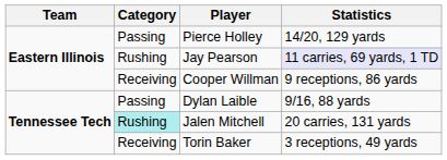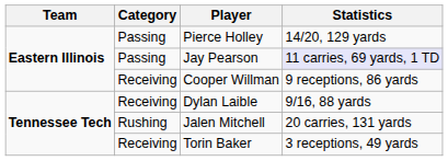 <table class="wikitable" style="float: right;">
 <tr>
 <th>Team</th>
 <th>Category</th>
 <th>Player</th>
 <th>Statistics</th>
 </tr>
 <tr>
 <td rowspan=3><strong>Eastern Illinois</strong></td>
 <td>Passing</td>
 <td>Pierce Holley</td>
 <td>14/20, 129 yards</td>
 </tr>
 <tr>
-<td>Rushing</td>
+<td>Passing</td>
 <td>Jay Pearson</td>
 <td style="background: lavender;">11 carries, 69 yards, 1 TD</td>
 </tr>
 <tr>
 <td>Receiving</td>
 <td>Cooper Willman</td>
 <td>9 receptions, 86 yards</td>
 </tr>
 <tr>
 <td rowspan=3><strong>Tennessee Tech</strong></td>
-<td>Passing</td>
+<td>Receiving</td>
 <td>Dylan Laible</td>
 <td>9/16, 88 yards</td>
 </tr>
 <tr>
-<td style="background: paleturquoise;">Rushing</td>
+<td>Rushing</td>
 <td>Jalen Mitchell</td>
 <td>20 carries, 131 yards</td>
 </tr>
 <tr>
 <td>Receiving</td>
 <td>Torin Baker</td>
 <td>3 receptions, 49 yards</td>
 </tr>
 </table>
